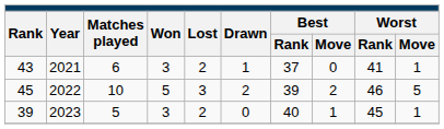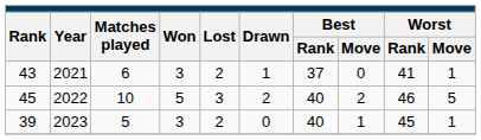 <table class="wikitable sortable" style="text-align:center;">
 <tr>
 <th colspan=12 style="background: #013A5E; color: #FFFFFF;"><a href='#'></a></th>
 </tr>
 <tr>
 <th rowspan=2 scope="col">Rank</th>
 <th rowspan=2 scope="col">Year</th>
 <th rowspan=2 scope="col">Matches<br>played</th>
 <th rowspan=2 scope="col">Won</th>
 <th rowspan=2 scope="col">Lost</th>
 <th rowspan=2 scope="col">Drawn</th>
 <th colspan=2 scope="colgroup">Best</th>
 <th colspan=2 scope="colgroup">Worst</th>
 </tr>
 <tr>
 <th scope="col">Rank</th>
 <th scope="col">Move</th>
 <th scope="col">Rank</th>
 <th scope="col">Move</th>
 </tr>
 <tr>
 <td>43</td>
 <td>2021</td>
 <td>6</td>
 <td>3</td>
 <td>2</td>
 <td>1</td>
 <td>37</td>
 <td> 0</td>
 <td>41</td>
 <td> 1</td>
 </tr>
 <tr>
 <td>45</td>
 <td>2022</td>
 <td>10</td>
 <td>5</td>
 <td>3</td>
 <td>2</td>
-<td>39</td>
+<td>40</td>
 <td> 2</td>
 <td>46</td>
 <td> 5</td>
 </tr>
 <tr>
 <td>39</td>
 <td>2023</td>
 <td>5</td>
 <td>3</td>
 <td>2</td>
 <td>0</td>
 <td>40</td>
 <td> 1</td>
 <td>45</td>
 <td> 1</td>
 </tr>
 <tr>
 </tr>
 </table>
